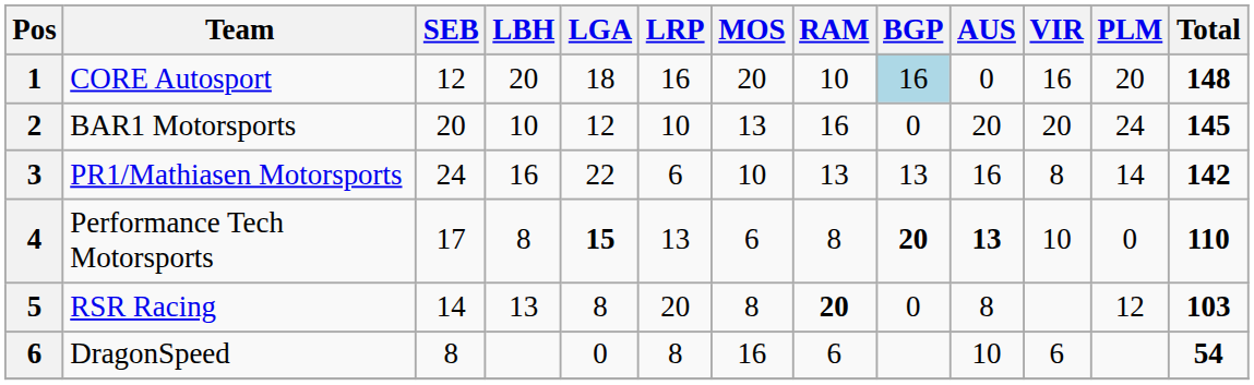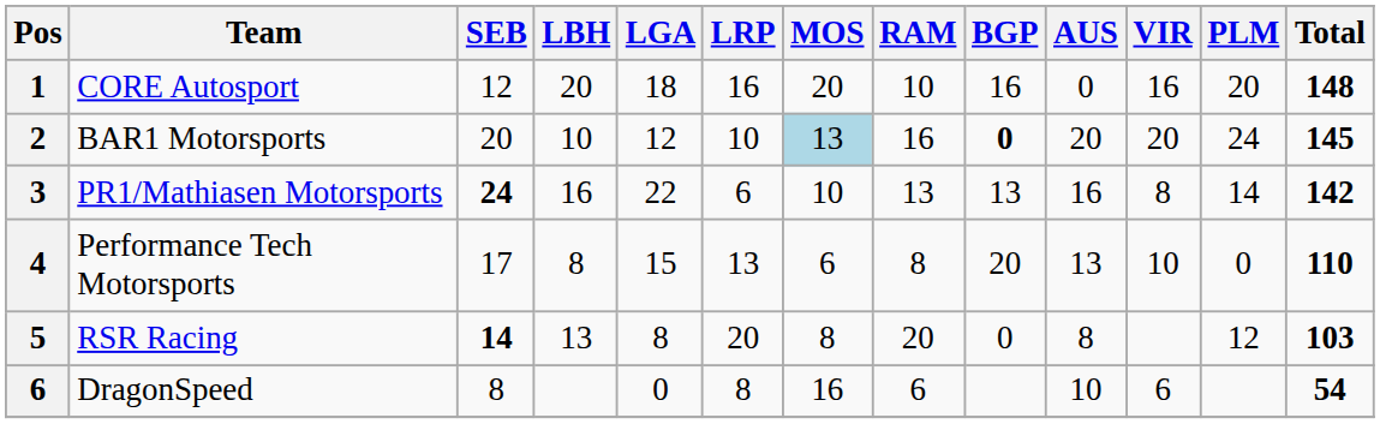 <table class="wikitable" style="font-size: 90%; text-align:center;">
 <tr>
 <th>Pos</th>
 <th>Team</th>
 <th><a href='#'>SEB</a></th>
 <th><a href='#'>LBH</a></th>
 <th><a href='#'>LGA</a></th>
 <th><a href='#'>LRP</a></th>
 <th><a href='#'>MOS</a></th>
 <th><a href='#'>RAM</a></th>
 <th><a href='#'>BGP</a></th>
 <th><a href='#'>AUS</a></th>
 <th><a href='#'>VIR</a></th>
 <th><a href='#'>PLM</a></th>
 <th>Total</th>
 </tr>
 <tr>
 <th>1</th>
 <td align=left> <a href='#'>CORE Autosport</a></td>
 <td>12</td>
 <td>20</td>
 <td>18</td>
 <td>16</td>
 <td>20</td>
 <td>10</td>
-<td style="background: lightblue;">16</td>
+<td>16</td>
 <td>0</td>
 <td>16</td>
 <td>20</td>
 <td><strong>148</strong></td>
 </tr>
 <tr>
 <th>2</th>
 <td align=left> BAR1 Motorsports</td>
 <td>20</td>
 <td>10</td>
 <td>12</td>
 <td>10</td>
-<td>13</td>
+<td style="background: lightblue;">13</td>
 <td>16</td>
-<td>0</td>
+<td><strong>0</strong></td>
 <td>20</td>
 <td>20</td>
 <td>24</td>
 <td><strong>145</strong></td>
 </tr>
 <tr>
 <th>3</th>
 <td align=left> <a href='#'>PR1/Mathiasen Motorsports</a></td>
-<td>24</td>
+<td><strong>24</strong></td>
 <td>16</td>
 <td>22</td>
 <td>6</td>
 <td>10</td>
 <td>13</td>
 <td>13</td>
 <td>16</td>
 <td>8</td>
 <td>14</td>
 <td><strong>142</strong></td>
 </tr>
 <tr>
 <th>4</th>
 <td align=left> Performance Tech Motorsports</td>
 <td>17</td>
 <td>8</td>
-<td><strong>15</strong></td>
+<td>15</td>
 <td>13</td>
 <td>6</td>
 <td>8</td>
-<td><strong>20</strong></td>
-<td><strong>13</strong></td>
+<td>20</td>
+<td>13</td>
 <td>10</td>
 <td>0</td>
 <td><strong>110</strong></td>
 </tr>
 <tr>
 <th>5</th>
 <td align=left> <a href='#'>RSR Racing</a></td>
-<td>14</td>
+<td><strong>14</strong></td>
 <td>13</td>
 <td>8</td>
 <td>20</td>
 <td>8</td>
-<td><strong>20</strong></td>
+<td>20</td>
 <td>0</td>
 <td>8</td>
 <td></td>
 <td>12</td>
 <td><strong>103</strong></td>
 </tr>
 <tr>
 <th>6</th>
 <td align=left> DragonSpeed</td>
 <td>8</td>
 <td></td>
 <td>0</td>
 <td>8</td>
 <td>16</td>
 <td>6</td>
 <td></td>
 <td>10</td>
 <td>6</td>
 <td></td>
 <td><strong>54</strong></td>
 </tr>
 <tr>
 </tr>
 </table>
